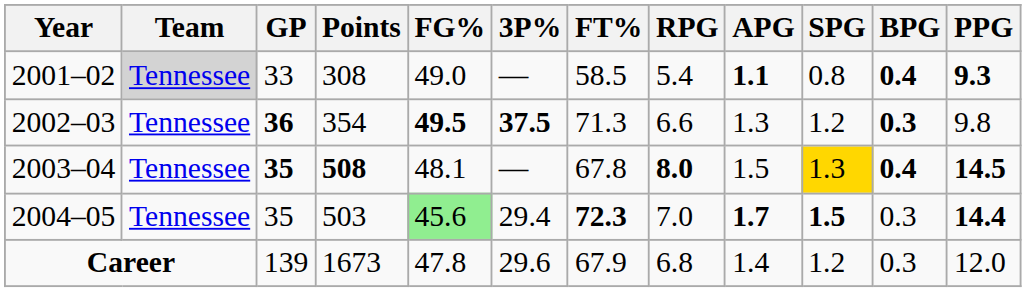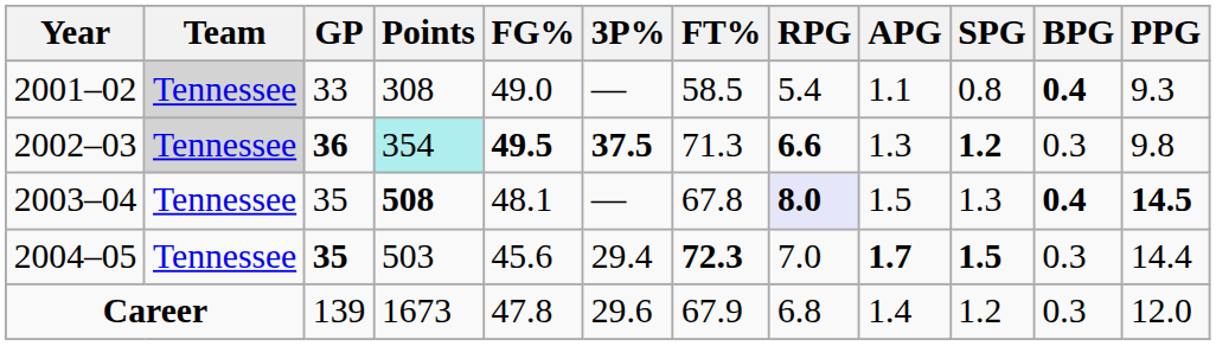 <table class="wikitable sortable">
 <tr>
 <th>Year</th>
 <th>Team</th>
 <th>GP</th>
 <th>Points</th>
 <th>FG%</th>
 <th>3P%</th>
 <th>FT%</th>
 <th>RPG</th>
 <th>APG</th>
 <th>SPG</th>
 <th>BPG</th>
 <th>PPG</th>
 </tr>
 <tr>
 <td>2001–02</td>
 <td style="background: lightgrey;"><a href='#'>Tennessee</a></td>
 <td>33</td>
 <td>308</td>
 <td>49.0</td>
 <td>—</td>
 <td>58.5</td>
 <td>5.4</td>
-<td><strong>1.1</strong></td>
+<td>1.1</td>
 <td>0.8</td>
 <td><strong>0.4</strong></td>
-<td><strong>9.3</strong></td>
+<td>9.3</td>
 </tr>
 <tr>
 <td>2002–03</td>
-<td><a href='#'>Tennessee</a></td>
+<td style="background: lightgrey;"><a href='#'>Tennessee</a></td>
 <td><strong>36</strong></td>
-<td>354</td>
+<td style="background: paleturquoise;">354</td>
 <td><strong>49.5</strong></td>
 <td><strong>37.5</strong></td>
 <td>71.3</td>
-<td>6.6</td>
+<td><strong>6.6</strong></td>
 <td>1.3</td>
-<td>1.2</td>
-<td><strong>0.3</strong></td>
+<td><strong>1.2</strong></td>
+<td>0.3</td>
 <td>9.8</td>
 </tr>
 <tr>
 <td>2003–04</td>
 <td><a href='#'>Tennessee</a></td>
-<td><strong>35</strong></td>
+<td>35</td>
 <td><strong>508</strong></td>
 <td>48.1</td>
 <td>—</td>
 <td>67.8</td>
-<td><strong>8.0</strong></td>
+<td style="background: lavender;"><strong>8.0</strong></td>
 <td>1.5</td>
-<td style="background: gold;">1.3</td>
+<td>1.3</td>
 <td><strong>0.4</strong></td>
 <td><strong>14.5</strong></td>
 </tr>
 <tr>
 <td>2004–05</td>
 <td><a href='#'>Tennessee</a></td>
-<td>35</td>
+<td><strong>35</strong></td>
 <td>503</td>
-<td style="background: lightgreen;">45.6</td>
+<td>45.6</td>
 <td>29.4</td>
 <td><strong>72.3</strong></td>
 <td>7.0</td>
 <td><strong>1.7</strong></td>
 <td><strong>1.5</strong></td>
 <td>0.3</td>
-<td><strong>14.4</strong></td>
+<td>14.4</td>
 </tr>
 <tr class="sortbottom">
 <td colspan=2 align=center><strong>Career</strong></td>
 <td>139</td>
 <td>1673</td>
 <td>47.8</td>
 <td>29.6</td>
 <td>67.9</td>
 <td>6.8</td>
 <td>1.4</td>
 <td>1.2</td>
 <td>0.3</td>
 <td>12.0</td>
 </tr>
 </table>
